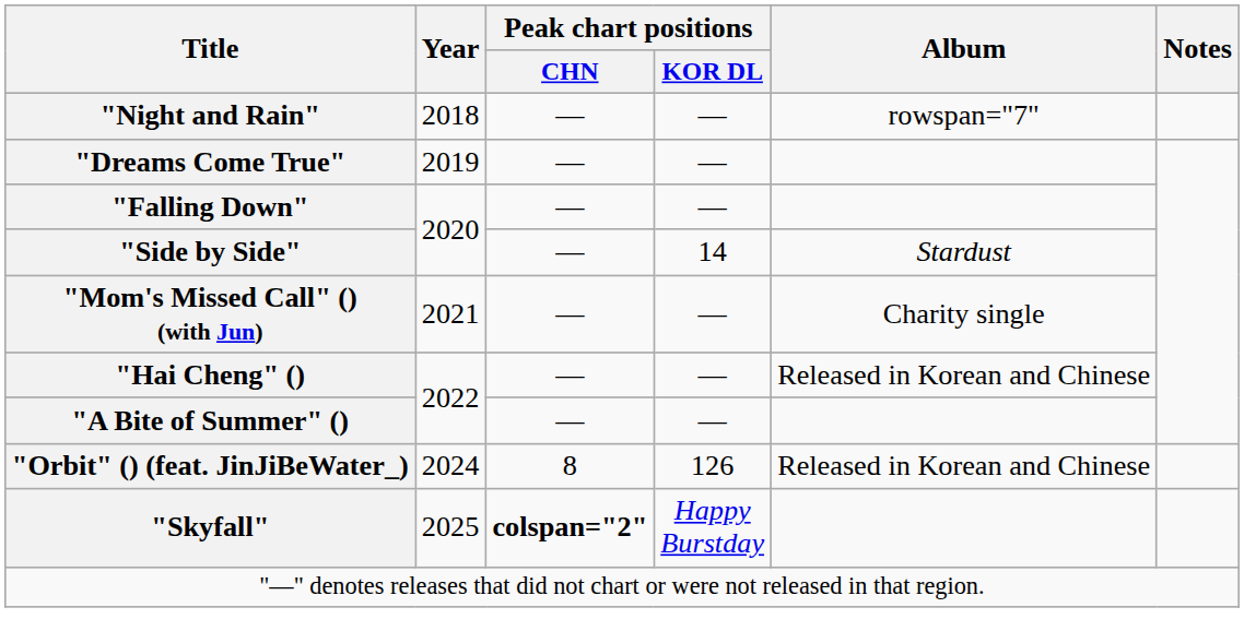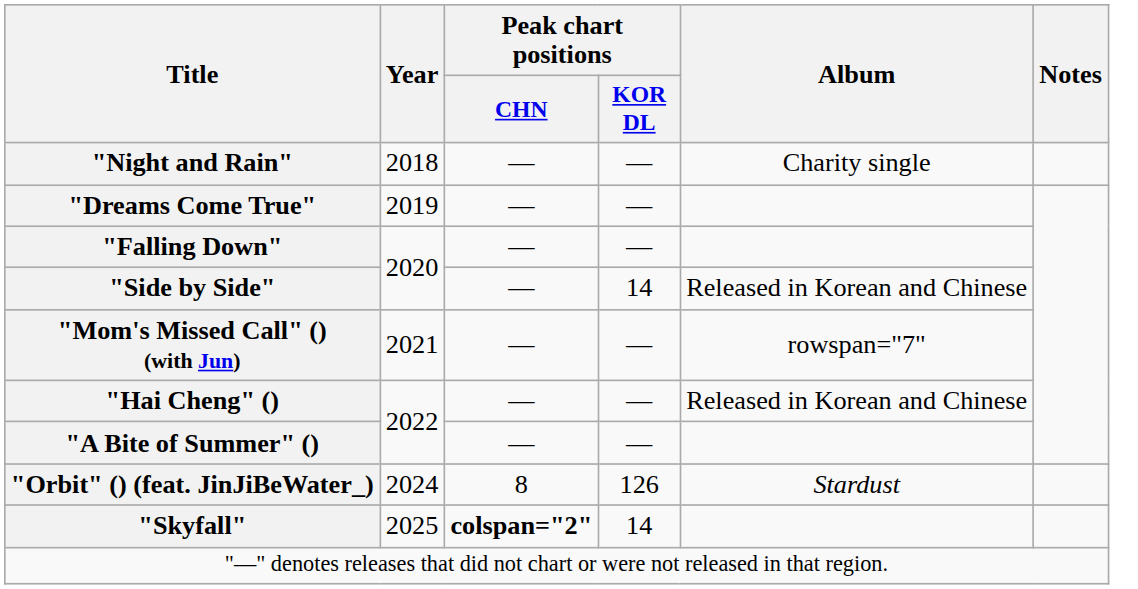 <table class="wikitable plainrowheaders" style="text-align:center;">
 <tr>
 <th rowspan="2" scope="col">Title</th>
 <th rowspan="2" scope="col">Year</th>
 <th colspan="2">Peak chart positions</th>
 <th rowspan="2">Album</th>
 <th rowspan="2">Notes</th>
 </tr>
 <tr>
 <th scope="col" style="width:3em; font-size:90%"><a href='#'>CHN</a><br></th>
 <th scope="col" style="width:3em; font-size:90%"><a href='#'>KOR DL</a><br></th>
 </tr>
 <tr>
 <th scope="row">"Night and Rain"</th>
 <td>2018</td>
 <td>—</td>
 <td>—</td>
-<td>rowspan="7" </td>
+<td>Charity single</td>
 <td></td>
 </tr>
 <tr>
 <th scope="row">"Dreams Come True"</th>
 <td>2019</td>
 <td>—</td>
 <td>—</td>
 <td></td>
 </tr>
 <tr>
 <th scope="row">"Falling Down"</th>
 <td rowspan="2">2020</td>
 <td>—</td>
 <td>—</td>
 <td></td>
 </tr>
 <tr>
 <th scope="row">"Side by Side"</th>
 <td>—</td>
 <td>14</td>
-<td><em>Stardust</em></td>
+<td>Released in Korean and Chinese</td>
 </tr>
 <tr>
 <th scope="row">"Mom's Missed Call" ()<br><small>(with <a href='#'>Jun</a>)</small></th>
 <td>2021</td>
 <td>—</td>
 <td>—</td>
-<td>Charity single</td>
+<td>rowspan="7" </td>
 </tr>
 <tr>
 <th scope="row">"Hai Cheng" ()</th>
 <td rowspan="2">2022</td>
 <td>—</td>
 <td>—</td>
 <td>Released in Korean and Chinese</td>
 </tr>
 <tr>
 <th scope="row">"A Bite of Summer" ()</th>
 <td>—</td>
 <td>—</td>
 <td></td>
 </tr>
 <tr>
 <th scope="row">"Orbit" () (feat. JinJiBeWater_)</th>
 <td>2024</td>
 <td>8</td>
 <td>126</td>
-<td>Released in Korean and Chinese</td>
+<td><em>Stardust</em></td>
 <td></td>
 </tr>
 <tr>
 <th scope="row">"Skyfall"</th>
 <td>2025</td>
 <td><strong>colspan="2" </strong></td>
-<td><em><a href='#'>Happy Burstday</a></em></td>
+<td>14</td>
 <td></td>
 </tr>
 <tr>
 <td colspan="6" style="font-size:85%">"—" denotes releases that did not chart or were not released in that region.</td>
 </tr>
 </table>
